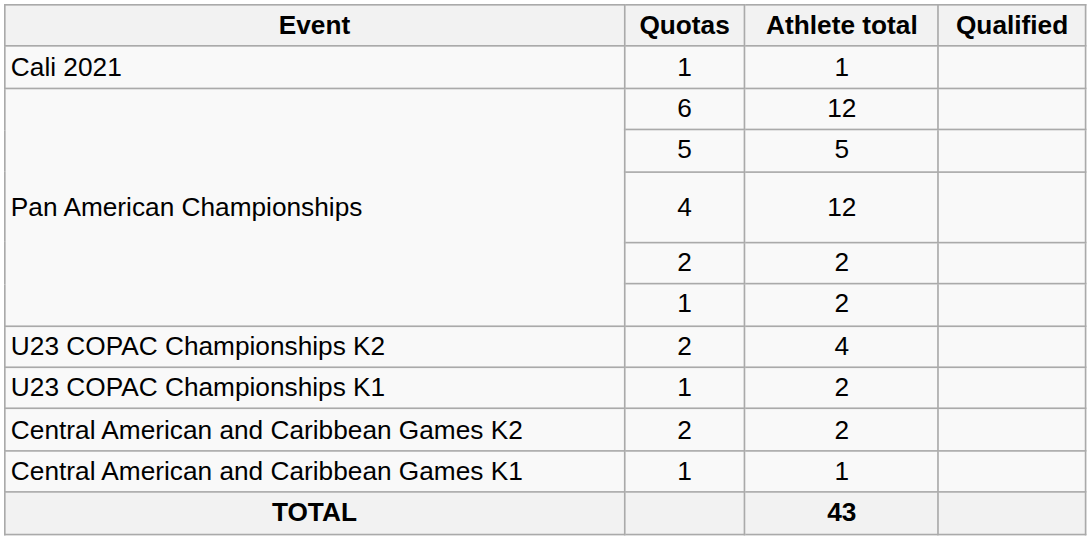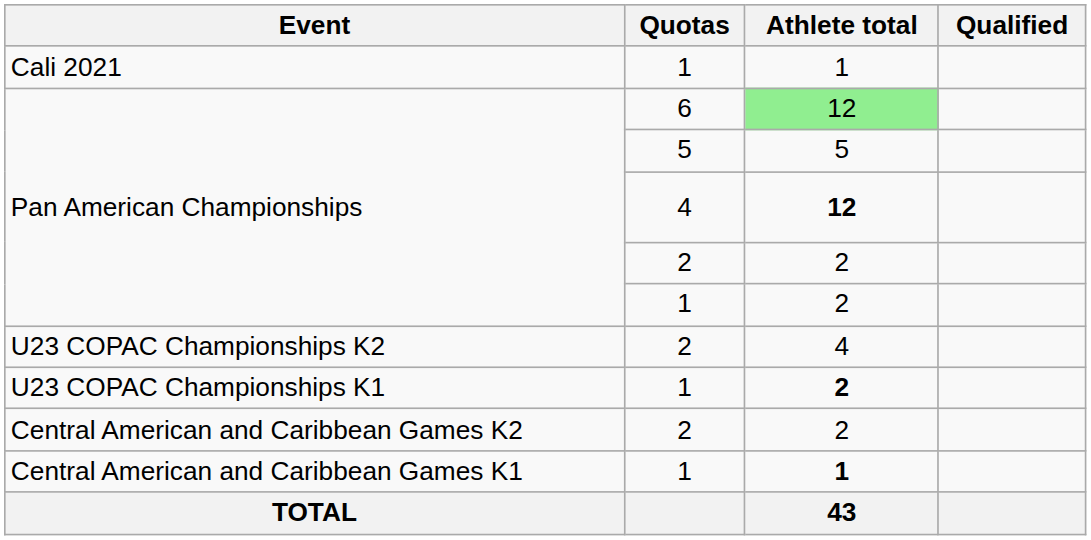 <table class="wikitable" width=660>
 <tr>
 <th>Event</th>
 <th>Quotas</th>
 <th>Athlete total</th>
 <th>Qualified</th>
 </tr>
 <tr>
 <td>Cali 2021</td>
 <td align=center>1</td>
 <td align=center>1</td>
 <td></td>
 </tr>
 <tr>
 <td rowspan=5>Pan American Championships</td>
 <td align=center>6</td>
-<td align=center>12</td>
+<td align=center style="background: lightgreen;">12</td>
 <td><br></td>
 </tr>
 <tr>
 <td align=center>5</td>
 <td align=center>5</td>
 <td></td>
 </tr>
 <tr>
 <td align=center>4</td>
-<td align=center>12</td>
+<td align=center><strong>12</strong></td>
 <td><br><br></td>
 </tr>
 <tr>
 <td align=center>2</td>
 <td align=center>2</td>
 <td></td>
 </tr>
 <tr>
 <td align=center>1</td>
 <td align=center>2</td>
 <td><br></td>
 </tr>
 <tr>
 <td>U23 COPAC Championships K2</td>
 <td align=center>2</td>
 <td align=center>4</td>
 <td><br></td>
 </tr>
 <tr>
 <td>U23 COPAC Championships K1</td>
 <td align=center>1</td>
-<td align=center>2</td>
+<td align=center><strong>2</strong></td>
 <td><br></td>
 </tr>
 <tr>
 <td>Central American and Caribbean Games K2</td>
 <td align=center>2</td>
 <td align=center>2</td>
 <td></td>
 </tr>
 <tr>
 <td>Central American and Caribbean Games K1</td>
 <td align=center>1</td>
-<td align=center>1</td>
+<td align=center><strong>1</strong></td>
 <td></td>
 </tr>
 <tr>
 <th>TOTAL</th>
 <th></th>
 <th>43</th>
 <th></th>
 </tr>
 </table>
